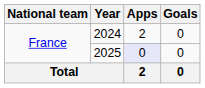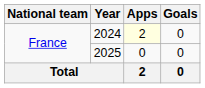 <table class="wikitable" style="text-align:center">
 <tr>
 <th>National team</th>
 <th>Year</th>
 <th>Apps</th>
 <th>Goals</th>
 </tr>
 <tr>
 <td rowspan=2><a href='#'>France</a></td>
 <td>2024</td>
-<td>2</td>
+<td style="background: lightyellow;">2</td>
 <td>0</td>
 </tr>
 <tr>
 <td>2025</td>
-<td style="background: lavender;">0</td>
+<td>0</td>
 <td>0</td>
 </tr>
 <tr>
 <th colspan=2>Total</th>
 <th>2</th>
 <th>0</th>
 </tr>
 </table>
